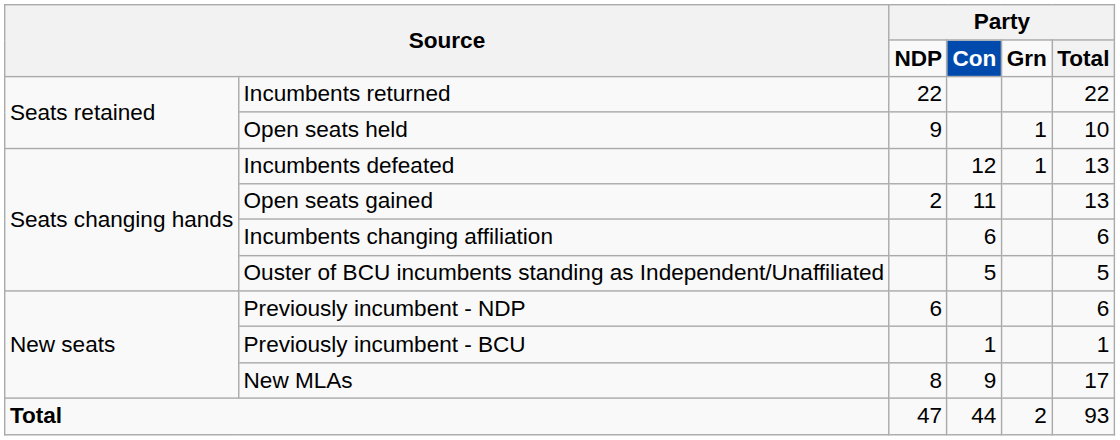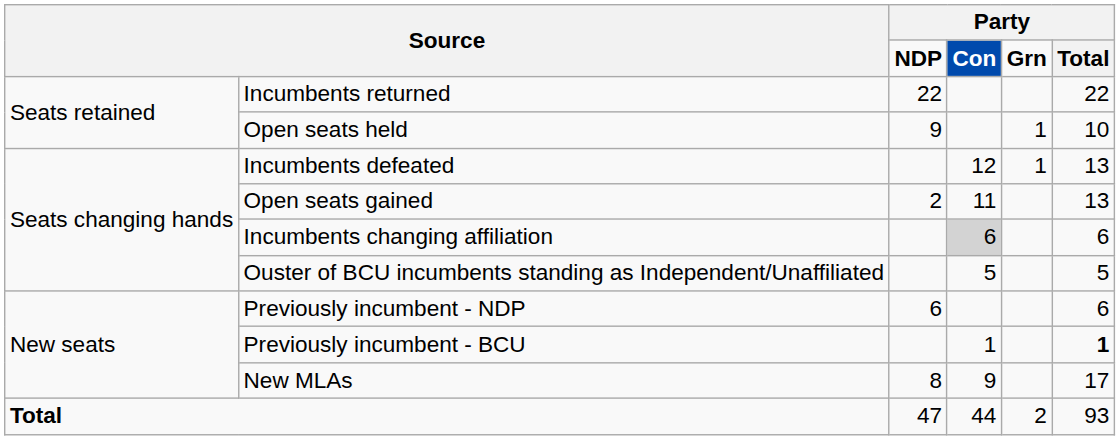 <table class="wikitable" style="text-align:right;">
 <tr>
 <th colspan="2" rowspan="2">Source</th>
 <th colspan="4">Party</th>
 </tr>
 <tr>
 <td><strong>NDP</strong></td>
 <td style="background: #004AAD; color: white" align="center"><strong>Con</strong></td>
 <td><strong>Grn</strong></td>
 <th>Total</th>
 </tr>
 <tr>
 <td rowspan="2" style="text-align:left;">Seats retained</td>
 <td style="text-align:left;">Incumbents returned</td>
 <td>22</td>
 <td></td>
 <td></td>
 <td>22</td>
 </tr>
 <tr>
 <td style="text-align:left;">Open seats held</td>
 <td>9</td>
 <td></td>
 <td>1</td>
 <td>10</td>
 </tr>
 <tr>
 <td rowspan="4" style="text-align:left;">Seats changing hands</td>
 <td style="text-align:left;">Incumbents defeated</td>
 <td></td>
 <td>12</td>
 <td>1</td>
 <td>13</td>
 </tr>
 <tr>
 <td style="text-align:left;">Open seats gained</td>
 <td>2</td>
 <td>11</td>
 <td></td>
 <td>13</td>
 </tr>
 <tr>
 <td style="text-align:left;">Incumbents changing affiliation</td>
 <td></td>
-<td>6</td>
+<td style="background: lightgrey;">6</td>
 <td></td>
 <td>6</td>
 </tr>
 <tr>
 <td style="text-align:left;">Ouster of BCU incumbents standing as Independent/Unaffiliated</td>
 <td></td>
 <td>5</td>
 <td></td>
 <td>5</td>
 </tr>
 <tr>
 <td rowspan="3" style="text-align:left;">New seats</td>
 <td style="text-align:left;">Previously incumbent - NDP</td>
 <td>6</td>
 <td></td>
 <td></td>
 <td>6</td>
 </tr>
 <tr>
 <td style="text-align:left;">Previously incumbent - BCU</td>
 <td></td>
 <td>1</td>
 <td></td>
-<td>1</td>
+<td><strong>1</strong></td>
 </tr>
 <tr>
 <td style="text-align:left;">New MLAs</td>
 <td>8</td>
 <td>9</td>
 <td></td>
 <td>17</td>
 </tr>
 <tr>
 <td colspan="2" style="text-align:left;"><strong>Total</strong></td>
 <td>47</td>
 <td>44</td>
 <td>2</td>
 <td>93</td>
 </tr>
 </table>
